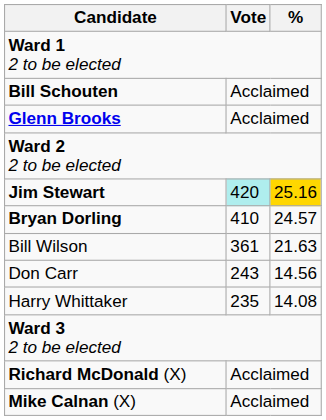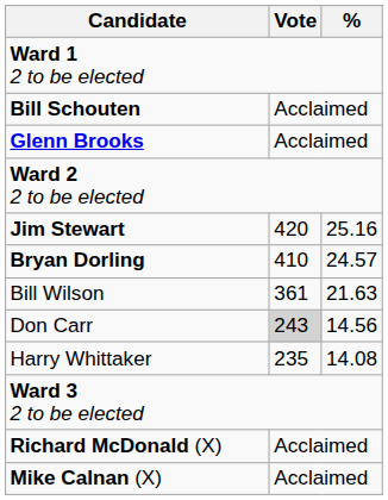 <table class="wikitable">
 <tr>
 <th bgcolor="#DDDDFF" width="200px">Candidate</th>
 <th bgcolor="#DDDDFF">Vote</th>
 <th bgcolor="#DDDDFF">%</th>
 </tr>
 <tr>
 <td colspan="4"><strong>Ward 1</strong> <br> <em>2 to be elected</em></td>
 </tr>
 <tr>
 <td><strong>Bill Schouten</strong></td>
 <td colspan="2">Acclaimed</td>
 </tr>
 <tr>
 <td><strong><a href='#'>Glenn Brooks</a></strong></td>
 <td colspan="2">Acclaimed</td>
 </tr>
 <tr>
 <td colspan="4"><strong>Ward 2</strong> <br> <em>2 to be elected</em></td>
 </tr>
 <tr>
 <td><strong>Jim Stewart</strong></td>
-<td style="background: paleturquoise;">420</td>
-<td style="background: gold;">25.16</td>
+<td>420</td>
+<td>25.16</td>
 </tr>
 <tr>
 <td><strong>Bryan Dorling</strong></td>
 <td>410</td>
 <td>24.57</td>
 </tr>
 <tr>
 <td>Bill Wilson</td>
 <td>361</td>
 <td>21.63</td>
 </tr>
 <tr>
 <td>Don Carr</td>
-<td>243</td>
+<td style="background: lightgrey;">243</td>
 <td>14.56</td>
 </tr>
 <tr>
 <td>Harry Whittaker</td>
 <td>235</td>
 <td>14.08</td>
 </tr>
 <tr>
 <td colspan="4"><strong>Ward 3</strong> <br> <em>2 to be elected</em></td>
 </tr>
 <tr>
 <td><strong>Richard McDonald</strong> (X)</td>
 <td colspan="2">Acclaimed</td>
 </tr>
 <tr>
 <td><strong>Mike Calnan</strong> (X)</td>
 <td colspan="2">Acclaimed</td>
 </tr>
 </table>
